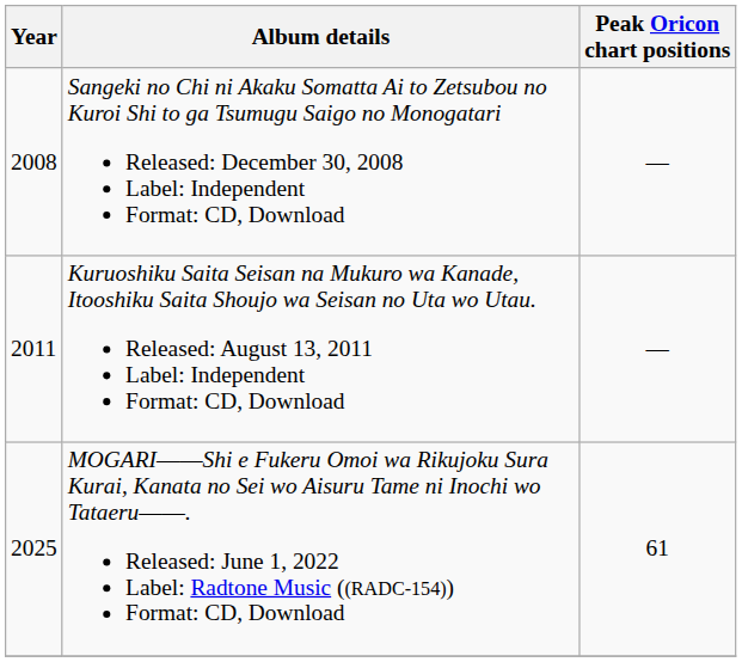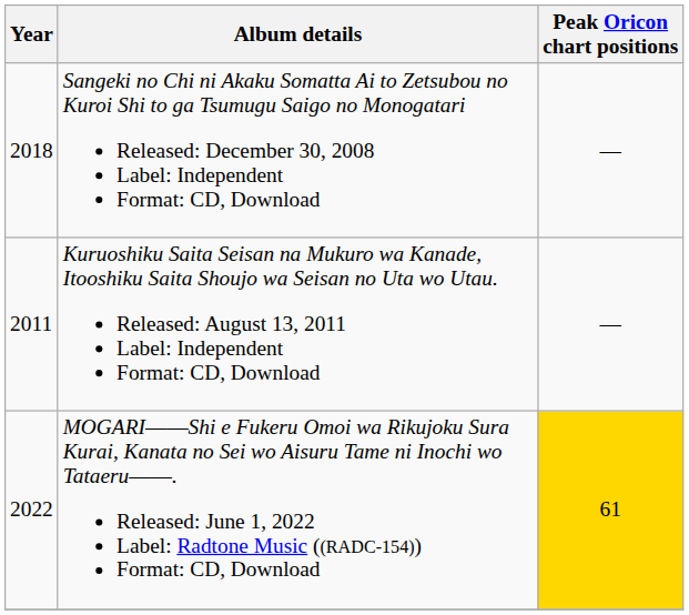 <table class="wikitable" border="1">
 <tr>
 <th rowspan="1">Year</th>
 <th rowspan="1" width="350">Album details</th>
 <th colspan="1">Peak <a href='#'>Oricon</a><br> chart positions</th>
 </tr>
 <tr>
-<td>2008</td>
+<td>2018</td>
 <td align="left"><em>Sangeki no Chi ni Akaku Somatta Ai to Zetsubou no Kuroi Shi to ga Tsumugu Saigo no Monogatari</em><br><ul><li>Released: December 30, 2008</li><li>Label: Independent</li><li>Format: CD, Download</li></ul></td>
 <td align="center">—</td>
 </tr>
 <tr>
 <td>2011</td>
 <td align="left"><em>Kuruoshiku Saita Seisan na Mukuro wa Kanade, Itooshiku Saita Shoujo wa Seisan no Uta wo Utau.</em><br><ul><li>Released: August 13, 2011</li><li>Label: Independent</li><li>Format: CD, Download</li></ul></td>
 <td align="center">—</td>
 </tr>
 <tr>
-<td>2025</td>
+<td>2022</td>
 <td align="left"><em>MOGARI――Shi e Fukeru Omoi wa Rikujoku Sura Kurai, Kanata no Sei wo Aisuru Tame ni Inochi wo Tataeru――.</em><br><ul><li>Released: June 1, 2022</li><li>Label: <a href='#'>Radtone Music</a> (<small>(RADC-154)</small>)</li><li>Format: CD, Download</li></ul></td>
-<td align="center">61</td>
+<td align="center" style="background: gold;">61</td>
 </tr>
 <tr>
 </tr>
 </table>
